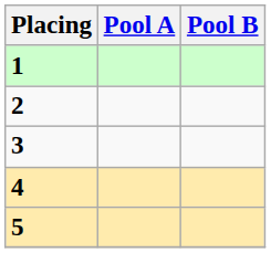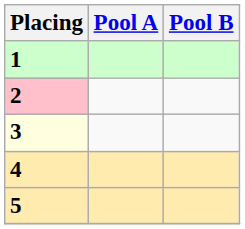 <table class=wikitable style="border:1px solid #AAAAAA;">
 <tr>
 <th>Placing</th>
 <th><a href='#'>Pool A</a></th>
 <th><a href='#'>Pool B</a></th>
 </tr>
 <tr style="background: #ccffcc;">
 <td><strong>1</strong></td>
 <td></td>
 <td></td>
 </tr>
 <tr>
-<td><strong>2</strong></td>
+<td style="background: pink;"><strong>2</strong></td>
 <td></td>
 <td></td>
 </tr>
 <tr>
-<td><strong>3</strong></td>
+<td style="background: lightyellow;"><strong>3</strong></td>
 <td> </td>
 <td></td>
 </tr>
 <tr style="background: #ffebad;">
 <td><strong>4</strong></td>
 <td></td>
 <td></td>
 </tr>
 <tr style="background: #ffebad;">
 <td><strong>5</strong></td>
 <td></td>
 <td></td>
 </tr>
 <tr>
 </tr>
 </table>
